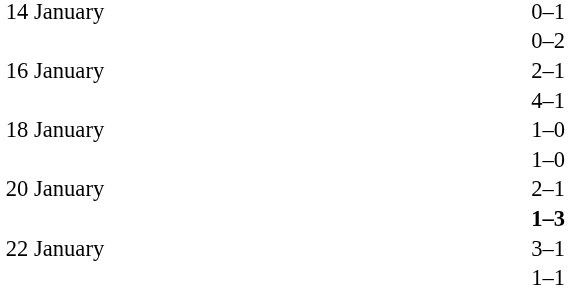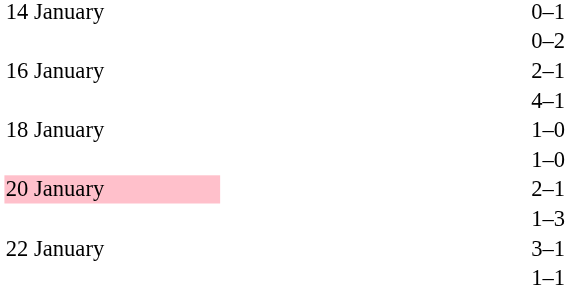 <table cellspacing=1 width=70%>
 <tr>
 <th width=25%></th>
 <th width=30%></th>
 <th width=15%></th>
 <th width=30%></th>
 </tr>
 <tr>
 <td>14 January</td>
 <td align=right></td>
 <td align=center>0–1</td>
 <td></td>
 </tr>
 <tr>
 <td></td>
 <td align=right></td>
 <td align=center>0–2</td>
 <td></td>
 </tr>
 <tr>
 <td>16 January</td>
 <td align=right></td>
 <td align=center>2–1</td>
 <td></td>
 </tr>
 <tr>
 <td></td>
 <td align=right></td>
 <td align=center>4–1</td>
 <td></td>
 </tr>
 <tr>
 <td>18 January</td>
 <td align=right></td>
 <td align=center>1–0</td>
 <td></td>
 </tr>
 <tr>
 <td></td>
 <td align=right></td>
 <td align=center>1–0</td>
 <td></td>
 </tr>
 <tr>
-<td>20 January</td>
+<td style="background: pink;">20 January</td>
 <td align=right></td>
 <td align=center>2–1</td>
 <td></td>
 </tr>
 <tr>
 <td></td>
 <td align=right></td>
-<td align=center><strong>1–3</strong></td>
+<td align=center>1–3</td>
 <td></td>
 </tr>
 <tr>
 <td>22 January</td>
 <td align=right></td>
 <td align=center>3–1</td>
 <td></td>
 </tr>
 <tr>
 <td></td>
 <td align=right></td>
 <td align=center>1–1</td>
 <td></td>
 </tr>
 </table>
